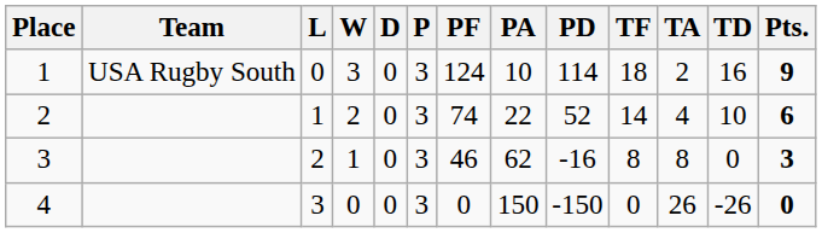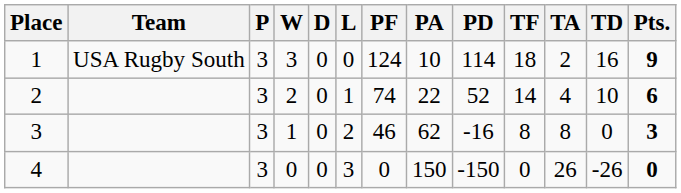 <table class="wikitable" style="text-align: center;">
 <tr>
 <th>Place</th>
 <th>Team</th>
-<th>L</th>
+<th>P</th>
 <th>W</th>
 <th>D</th>
-<th>P</th>
+<th>L</th>
 <th>PF</th>
 <th>PA</th>
 <th>PD</th>
 <th>TF</th>
 <th>TA</th>
 <th>TD</th>
 <th>Pts.</th>
 </tr>
 <tr>
 <td>1</td>
 <td align="left"> USA Rugby South</td>
-<td>0</td>
+<td>3</td>
 <td>3</td>
 <td>0</td>
-<td>3</td>
+<td>0</td>
 <td>124</td>
 <td>10</td>
 <td>114</td>
 <td>18</td>
 <td>2</td>
 <td>16</td>
 <td><strong>9</strong></td>
 </tr>
 <tr>
 <td>2</td>
 <td align="left"></td>
-<td>1</td>
+<td>3</td>
 <td>2</td>
 <td>0</td>
-<td>3</td>
+<td>1</td>
 <td>74</td>
 <td>22</td>
 <td>52</td>
 <td>14</td>
 <td>4</td>
 <td>10</td>
 <td><strong>6</strong></td>
 </tr>
 <tr>
 <td>3</td>
 <td align="left"></td>
-<td>2</td>
+<td>3</td>
 <td>1</td>
 <td>0</td>
-<td>3</td>
+<td>2</td>
 <td>46</td>
 <td>62</td>
 <td>-16</td>
 <td>8</td>
 <td>8</td>
 <td>0</td>
 <td><strong>3</strong></td>
 </tr>
 <tr>
 <td>4</td>
 <td align="left"></td>
 <td>3</td>
 <td>0</td>
 <td>0</td>
 <td>3</td>
 <td>0</td>
 <td>150</td>
 <td>-150</td>
 <td>0</td>
 <td>26</td>
 <td>-26</td>
 <td><strong>0</strong></td>
 </tr>
 </table>
